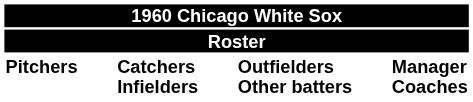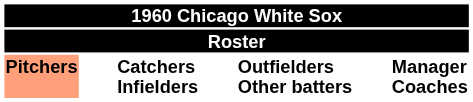 <table class="toccolours" style="font-size: 95%;">
 <tr>
 <th colspan="10" style="background-color: black; color: white; text-align: center;">1960 Chicago White Sox</th>
 </tr>
 <tr>
 <td colspan="10" style="background-color: black; color: white; text-align: center;"><strong>Roster</strong></td>
 </tr>
 <tr>
-<td valign="top"><strong>Pitchers</strong><br>                </td>
+<td valign="top" style="background: lightsalmon;"><strong>Pitchers</strong><br>                </td>
 <td width="25px"></td>
 <td valign="top"><strong>Catchers</strong><br>     <strong>Infielders</strong>         </td>
 <td width="25px"></td>
 <td valign="top"><strong>Outfielders</strong><br>       <strong>Other batters</strong> </td>
 <td width="25px"></td>
 <td valign="top"><strong>Manager</strong><br> <strong>Coaches</strong>    </td>
 </tr>
 </table>
